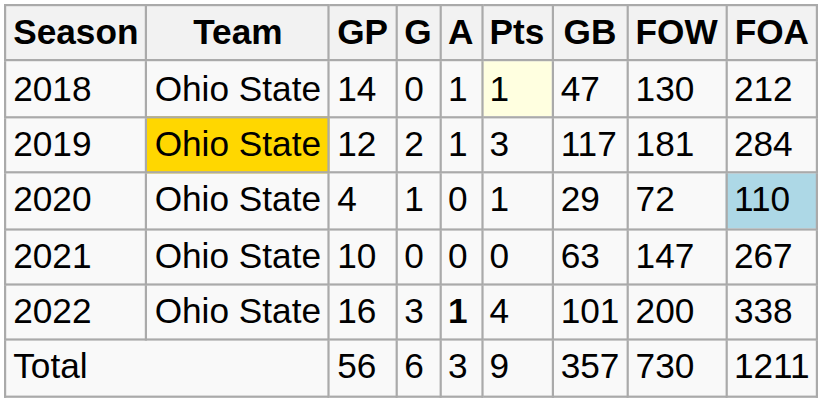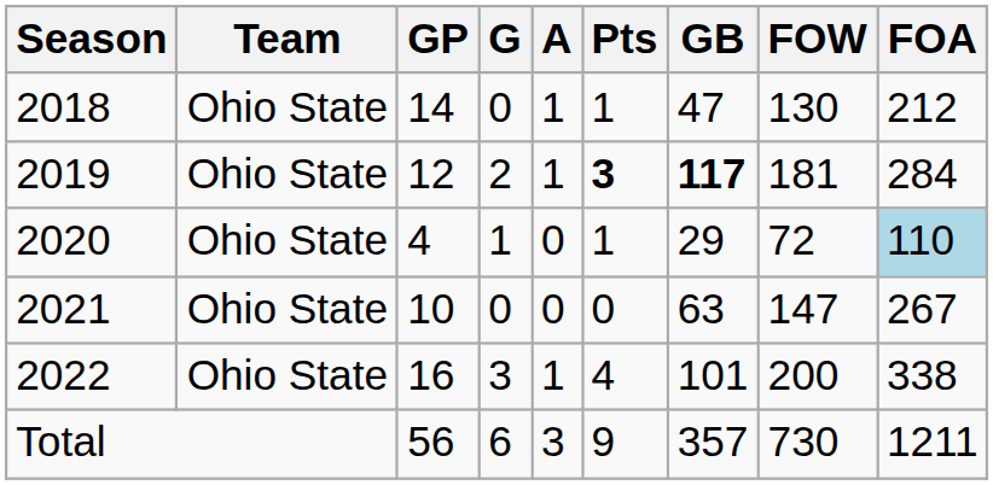 <table class="wikitable">
 <tr>
 <th>Season</th>
 <th>Team</th>
 <th>GP</th>
 <th>G</th>
 <th>A</th>
 <th>Pts</th>
 <th>GB</th>
 <th>FOW</th>
 <th>FOA</th>
 </tr>
 <tr>
 <td>2018</td>
 <td>Ohio State</td>
 <td>14</td>
 <td>0</td>
 <td>1</td>
-<td style="background: lightyellow;">1</td>
+<td>1</td>
 <td>47</td>
 <td>130</td>
 <td>212</td>
 </tr>
 <tr>
 <td>2019</td>
-<td style="background: gold;">Ohio State</td>
+<td>Ohio State</td>
 <td>12</td>
 <td>2</td>
 <td>1</td>
-<td>3</td>
-<td>117</td>
+<td><strong>3</strong></td>
+<td><strong>117</strong></td>
 <td>181</td>
 <td>284</td>
 </tr>
 <tr>
 <td>2020</td>
 <td>Ohio State</td>
 <td>4</td>
 <td>1</td>
 <td>0</td>
 <td>1</td>
 <td>29</td>
 <td>72</td>
 <td style="background: lightblue;">110</td>
 </tr>
 <tr>
 <td>2021</td>
 <td>Ohio State</td>
 <td>10</td>
 <td>0</td>
 <td>0</td>
 <td>0</td>
 <td>63</td>
 <td>147</td>
 <td>267</td>
 </tr>
 <tr>
 <td>2022</td>
 <td>Ohio State</td>
 <td>16</td>
 <td>3</td>
-<td><strong>1</strong></td>
+<td>1</td>
 <td>4</td>
 <td>101</td>
 <td>200</td>
 <td>338</td>
 </tr>
 <tr>
 <td colspan="2">Total</td>
 <td>56</td>
 <td>6</td>
 <td>3</td>
 <td>9</td>
 <td>357</td>
 <td>730</td>
 <td>1211</td>
 </tr>
 </table>
